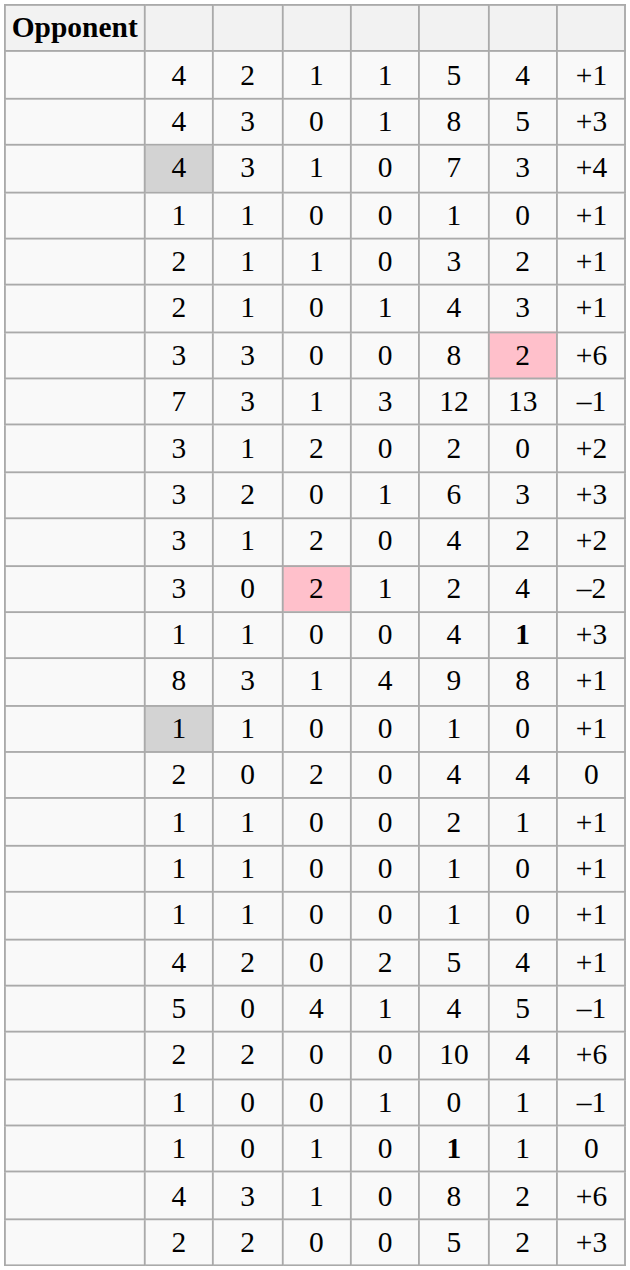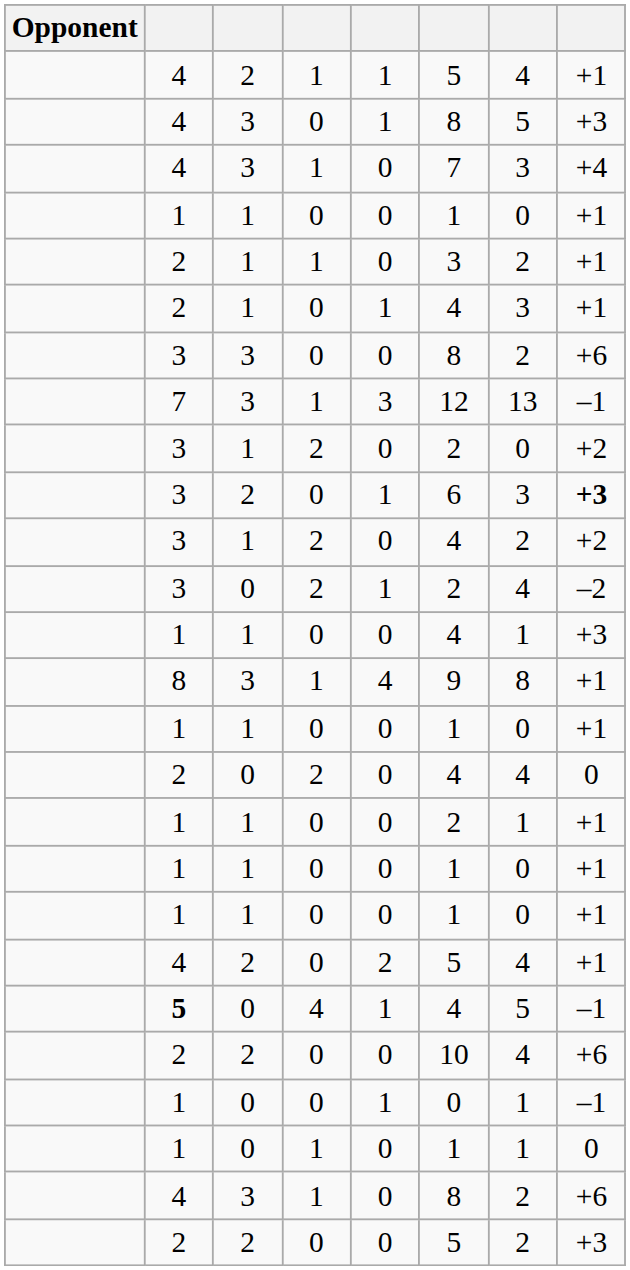 <table class="wikitable sortable" style="text-align: center;">
 <tr>
 <th width="30">Opponent</th>
 <th width="30"></th>
 <th width="30"></th>
 <th width="30"></th>
 <th width="30"></th>
 <th width="30"></th>
 <th width="30"></th>
 <th width="30"></th>
 </tr>
 <tr>
 <td align="left"></td>
 <td>4</td>
 <td>2</td>
 <td>1</td>
 <td>1</td>
 <td>5</td>
 <td>4</td>
 <td>+1</td>
 </tr>
 <tr>
 <td align="left"></td>
 <td>4</td>
 <td>3</td>
 <td>0</td>
 <td>1</td>
 <td>8</td>
 <td>5</td>
 <td>+3</td>
 </tr>
 <tr>
 <td align="left"></td>
-<td style="background: lightgrey;">4</td>
+<td>4</td>
 <td>3</td>
 <td>1</td>
 <td>0</td>
 <td>7</td>
 <td>3</td>
 <td>+4</td>
 </tr>
 <tr>
 <td align="left"></td>
 <td>1</td>
 <td>1</td>
 <td>0</td>
 <td>0</td>
 <td>1</td>
 <td>0</td>
 <td>+1</td>
 </tr>
 <tr>
 <td align="left"></td>
 <td>2</td>
 <td>1</td>
 <td>1</td>
 <td>0</td>
 <td>3</td>
 <td>2</td>
 <td>+1</td>
 </tr>
 <tr>
 <td align="left"></td>
 <td>2</td>
 <td>1</td>
 <td>0</td>
 <td>1</td>
 <td>4</td>
 <td>3</td>
 <td>+1</td>
 </tr>
 <tr>
 <td align="left"></td>
 <td>3</td>
 <td>3</td>
 <td>0</td>
 <td>0</td>
 <td>8</td>
-<td style="background: pink;">2</td>
+<td>2</td>
 <td>+6</td>
 </tr>
 <tr>
 <td align="left"></td>
 <td>7</td>
 <td>3</td>
 <td>1</td>
 <td>3</td>
 <td>12</td>
 <td>13</td>
 <td>–1</td>
 </tr>
 <tr>
 <td align="left"></td>
 <td>3</td>
 <td>1</td>
 <td>2</td>
 <td>0</td>
 <td>2</td>
 <td>0</td>
 <td>+2</td>
 </tr>
 <tr>
 <td align="left"></td>
 <td>3</td>
 <td>2</td>
 <td>0</td>
 <td>1</td>
 <td>6</td>
 <td>3</td>
-<td>+3</td>
+<td><strong>+3</strong></td>
 </tr>
 <tr>
 <td align="left"></td>
 <td>3</td>
 <td>1</td>
 <td>2</td>
 <td>0</td>
 <td>4</td>
 <td>2</td>
 <td>+2</td>
 </tr>
 <tr>
 <td align="left"></td>
 <td>3</td>
 <td>0</td>
-<td style="background: pink;">2</td>
+<td>2</td>
 <td>1</td>
 <td>2</td>
 <td>4</td>
 <td>–2</td>
 </tr>
 <tr>
 <td align="left"></td>
 <td>1</td>
 <td>1</td>
 <td>0</td>
 <td>0</td>
 <td>4</td>
-<td><strong>1</strong></td>
+<td>1</td>
 <td>+3</td>
 </tr>
 <tr>
 <td align="left"></td>
 <td>8</td>
 <td>3</td>
 <td>1</td>
 <td>4</td>
 <td>9</td>
 <td>8</td>
 <td>+1</td>
 </tr>
 <tr>
 <td align="left"></td>
-<td style="background: lightgrey;">1</td>
+<td>1</td>
 <td>1</td>
 <td>0</td>
 <td>0</td>
 <td>1</td>
 <td>0</td>
 <td>+1</td>
 </tr>
 <tr>
 <td align="left"></td>
 <td>2</td>
 <td>0</td>
 <td>2</td>
 <td>0</td>
 <td>4</td>
 <td>4</td>
 <td>0</td>
 </tr>
 <tr>
 <td align="left"></td>
 <td>1</td>
 <td>1</td>
 <td>0</td>
 <td>0</td>
 <td>2</td>
 <td>1</td>
 <td>+1</td>
 </tr>
 <tr>
 <td align="left"></td>
 <td>1</td>
 <td>1</td>
 <td>0</td>
 <td>0</td>
 <td>1</td>
 <td>0</td>
 <td>+1</td>
 </tr>
 <tr>
 <td align="left"></td>
 <td>1</td>
 <td>1</td>
 <td>0</td>
 <td>0</td>
 <td>1</td>
 <td>0</td>
 <td>+1</td>
 </tr>
 <tr>
 <td align="left"></td>
 <td>4</td>
 <td>2</td>
 <td>0</td>
 <td>2</td>
 <td>5</td>
 <td>4</td>
 <td>+1</td>
 </tr>
 <tr>
 <td align="left"></td>
-<td>5</td>
+<td><strong>5</strong></td>
 <td>0</td>
 <td>4</td>
 <td>1</td>
 <td>4</td>
 <td>5</td>
 <td>–1</td>
 </tr>
 <tr>
 <td align="left"></td>
 <td>2</td>
 <td>2</td>
 <td>0</td>
 <td>0</td>
 <td>10</td>
 <td>4</td>
 <td>+6</td>
 </tr>
 <tr>
 <td align="left"></td>
 <td>1</td>
 <td>0</td>
 <td>0</td>
 <td>1</td>
 <td>0</td>
 <td>1</td>
 <td>–1</td>
 </tr>
 <tr>
 <td align="left"></td>
 <td>1</td>
 <td>0</td>
 <td>1</td>
 <td>0</td>
-<td><strong>1</strong></td>
+<td>1</td>
 <td>1</td>
 <td>0</td>
 </tr>
 <tr>
 <td align="left"></td>
 <td>4</td>
 <td>3</td>
 <td>1</td>
 <td>0</td>
 <td>8</td>
 <td>2</td>
 <td>+6</td>
 </tr>
 <tr>
 <td align="left"></td>
 <td>2</td>
 <td>2</td>
 <td>0</td>
 <td>0</td>
 <td>5</td>
 <td>2</td>
 <td>+3</td>
 </tr>
 </table>
